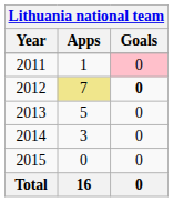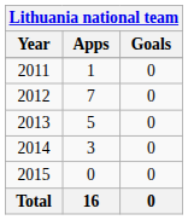 <table class="wikitable" style="text-align:center">
 <tr>
 <th colspan=3><a href='#'>Lithuania national team</a></th>
 </tr>
 <tr>
 <th>Year</th>
 <th>Apps</th>
 <th>Goals</th>
 </tr>
 <tr>
 </tr>
 <tr>
 <td>2011</td>
 <td>1</td>
-<td style="background: pink;">0</td>
+<td>0</td>
 </tr>
 <tr>
 <td>2012</td>
-<td style="background: khaki;">7</td>
-<td><strong>0</strong></td>
+<td>7</td>
+<td>0</td>
 </tr>
 <tr>
 <td>2013</td>
 <td>5</td>
 <td>0</td>
 </tr>
 <tr>
 <td>2014</td>
 <td>3</td>
 <td>0</td>
 </tr>
 <tr>
 <td>2015</td>
 <td>0</td>
 <td>0</td>
 </tr>
 <tr>
 <th>Total</th>
 <th>16</th>
 <th>0</th>
 </tr>
 </table>
